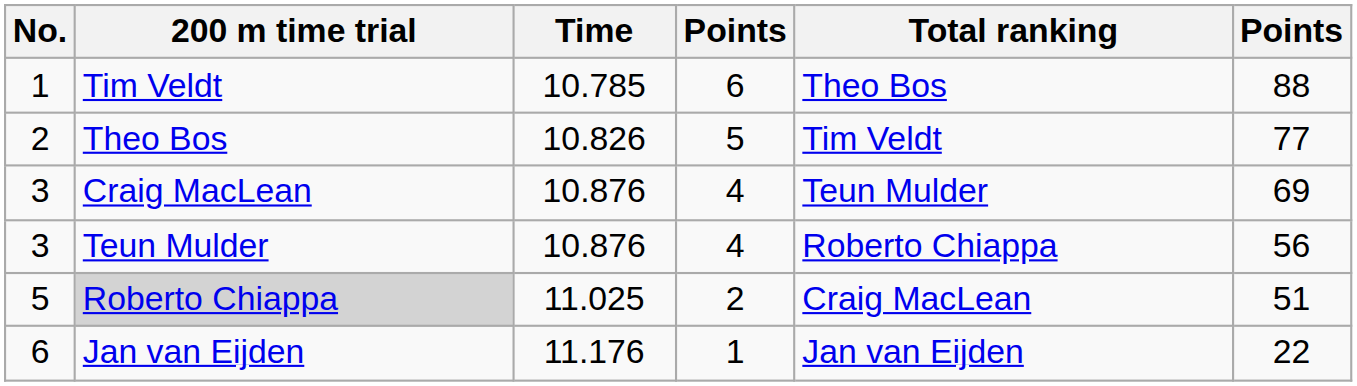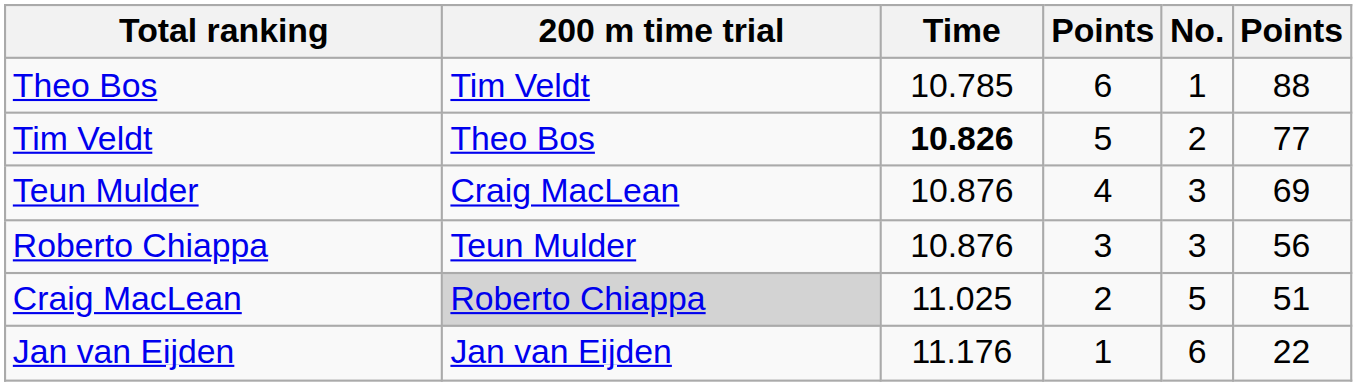 <table class="wikitable">
 <tr>
-<th width="20px">No.</th>
+<th width="200px">Total ranking</th>
 <th width="200px">200 m time trial</th>
 <th width="70px">Time</th>
 <th width="40px">Points</th>
-<th width="200px">Total ranking</th>
+<th width="20px">No.</th>
 <th width="40px">Points</th>
 </tr>
 <tr align=center>
-<td>1</td>
+<td align=left> <a href='#'>Theo Bos</a></td>
 <td align=left> <a href='#'>Tim Veldt</a></td>
 <td>10.785</td>
 <td>6</td>
-<td align=left> <a href='#'>Theo Bos</a></td>
+<td>1</td>
 <td>88</td>
 </tr>
 <tr align=center>
+<td align=left> <a href='#'>Tim Veldt</a></td>
+<td align=left> <a href='#'>Theo Bos</a></td>
+<td><strong>10.826</strong></td>
+<td>5</td>
 <td>2</td>
-<td align=left> <a href='#'>Theo Bos</a></td>
-<td>10.826</td>
-<td>5</td>
-<td align=left> <a href='#'>Tim Veldt</a></td>
 <td>77</td>
 </tr>
 <tr align=center>
-<td>3</td>
+<td align=left> <a href='#'>Teun Mulder</a></td>
 <td align=left> <a href='#'>Craig MacLean</a></td>
 <td>10.876</td>
 <td>4</td>
-<td align=left> <a href='#'>Teun Mulder</a></td>
+<td>3</td>
 <td>69</td>
 </tr>
 <tr align=center>
-<td>3</td>
+<td align=left> <a href='#'>Roberto Chiappa</a></td>
 <td align=left> <a href='#'>Teun Mulder</a></td>
 <td>10.876</td>
-<td>4</td>
-<td align=left> <a href='#'>Roberto Chiappa</a></td>
+<td>3</td>
+<td>3</td>
 <td>56</td>
 </tr>
 <tr align=center>
-<td>5</td>
+<td align=left> <a href='#'>Craig MacLean</a></td>
 <td align=left style="background: lightgrey;"> <a href='#'>Roberto Chiappa</a></td>
 <td>11.025</td>
 <td>2</td>
-<td align=left> <a href='#'>Craig MacLean</a></td>
+<td>5</td>
 <td>51</td>
 </tr>
 <tr align=center>
-<td>6</td>
+<td align=left> <a href='#'>Jan van Eijden</a></td>
 <td align=left> <a href='#'>Jan van Eijden</a></td>
 <td>11.176</td>
 <td>1</td>
-<td align=left> <a href='#'>Jan van Eijden</a></td>
+<td>6</td>
 <td>22</td>
 </tr>
 </table>
